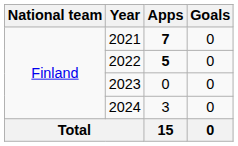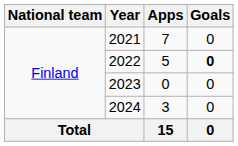 <table class=wikitable style=text-align:center>
 <tr>
 <th>National team</th>
 <th>Year</th>
 <th>Apps</th>
 <th>Goals</th>
 </tr>
 <tr>
 <td rowspan="4"><a href='#'>Finland</a></td>
 <td>2021</td>
-<td><strong>7</strong></td>
+<td>7</td>
 <td>0</td>
 </tr>
 <tr>
 <td>2022</td>
-<td><strong>5</strong></td>
-<td>0</td>
+<td>5</td>
+<td><strong>0</strong></td>
 </tr>
 <tr>
 <td>2023</td>
 <td>0</td>
 <td>0</td>
 </tr>
 <tr>
 <td>2024</td>
 <td>3</td>
 <td>0</td>
 </tr>
 <tr>
 <th colspan="2">Total</th>
 <th>15</th>
 <th>0</th>
 </tr>
 </table>
